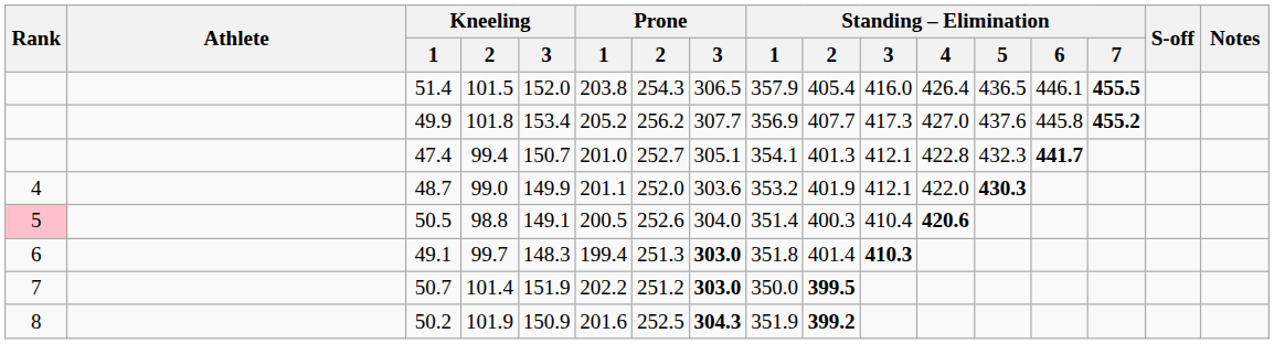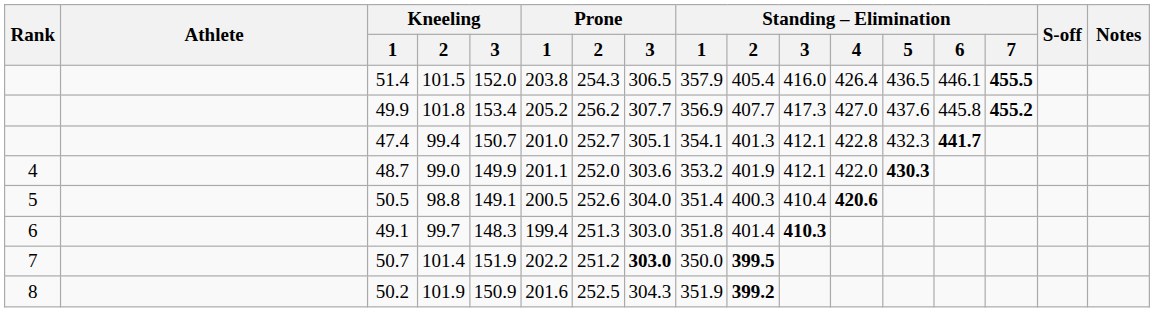 <table class="wikitable" style="text-align:center">
 <tr>
 <th rowspan=2 width=40>Rank</th>
 <th rowspan=2 width=250>Athlete</th>
 <th colspan=3>Kneeling</th>
 <th colspan=3>Prone</th>
 <th colspan=7>Standing – Elimination</th>
 <th rowspan=2 width=35>S-off</th>
 <th rowspan=2 width=45>Notes</th>
 </tr>
 <tr>
 <th width=35>1</th>
 <th width=35>2</th>
 <th width=35>3</th>
 <th width=35>1</th>
 <th width=35>2</th>
 <th width=35>3</th>
 <th width=35>1</th>
 <th width=35>2</th>
 <th width=35>3</th>
 <th width=35>4</th>
 <th width=35>5</th>
 <th width=35>6</th>
 <th width=35>7</th>
 </tr>
 <tr>
 <td></td>
 <td align=left></td>
 <td>51.4</td>
 <td>101.5</td>
 <td>152.0</td>
 <td>203.8</td>
 <td>254.3</td>
 <td>306.5</td>
 <td>357.9</td>
 <td>405.4</td>
 <td>416.0</td>
 <td>426.4</td>
 <td>436.5</td>
 <td>446.1</td>
 <td><strong>455.5</strong></td>
 <td></td>
 <td></td>
 </tr>
 <tr>
 <td></td>
 <td align=left></td>
 <td>49.9</td>
 <td>101.8</td>
 <td>153.4</td>
 <td>205.2</td>
 <td>256.2</td>
 <td>307.7</td>
 <td>356.9</td>
 <td>407.7</td>
 <td>417.3</td>
 <td>427.0</td>
 <td>437.6</td>
 <td>445.8</td>
 <td><strong>455.2</strong></td>
 <td></td>
 <td></td>
 </tr>
 <tr>
 <td></td>
 <td align=left></td>
 <td>47.4</td>
 <td>99.4</td>
 <td>150.7</td>
 <td>201.0</td>
 <td>252.7</td>
 <td>305.1</td>
 <td>354.1</td>
 <td>401.3</td>
 <td>412.1</td>
 <td>422.8</td>
 <td>432.3</td>
 <td><strong>441.7</strong></td>
 <td></td>
 <td></td>
 <td></td>
 </tr>
 <tr>
 <td>4</td>
 <td align=left></td>
 <td>48.7</td>
 <td>99.0</td>
 <td>149.9</td>
 <td>201.1</td>
 <td>252.0</td>
 <td>303.6</td>
 <td>353.2</td>
 <td>401.9</td>
 <td>412.1</td>
 <td>422.0</td>
 <td><strong>430.3</strong></td>
 <td></td>
 <td></td>
 <td></td>
 <td></td>
 </tr>
 <tr>
-<td style="background: pink;">5</td>
+<td>5</td>
 <td align=left></td>
 <td>50.5</td>
 <td>98.8</td>
 <td>149.1</td>
 <td>200.5</td>
 <td>252.6</td>
 <td>304.0</td>
 <td>351.4</td>
 <td>400.3</td>
 <td>410.4</td>
 <td><strong>420.6</strong></td>
 <td></td>
 <td></td>
 <td></td>
 <td></td>
 <td></td>
 </tr>
 <tr>
 <td>6</td>
 <td align=left></td>
 <td>49.1</td>
 <td>99.7</td>
 <td>148.3</td>
 <td>199.4</td>
 <td>251.3</td>
-<td><strong>303.0</strong></td>
+<td>303.0</td>
 <td>351.8</td>
 <td>401.4</td>
 <td><strong>410.3</strong></td>
 <td></td>
 <td></td>
 <td></td>
 <td></td>
 <td></td>
 <td></td>
 </tr>
 <tr>
 <td>7</td>
 <td align=left></td>
 <td>50.7</td>
 <td>101.4</td>
 <td>151.9</td>
 <td>202.2</td>
 <td>251.2</td>
 <td><strong>303.0</strong></td>
 <td>350.0</td>
 <td><strong>399.5</strong></td>
 <td></td>
 <td></td>
 <td></td>
 <td></td>
 <td></td>
 <td></td>
 <td></td>
 </tr>
 <tr>
 <td>8</td>
 <td align=left></td>
 <td>50.2</td>
 <td>101.9</td>
 <td>150.9</td>
 <td>201.6</td>
 <td>252.5</td>
-<td><strong>304.3</strong></td>
+<td>304.3</td>
 <td>351.9</td>
 <td><strong>399.2</strong></td>
 <td></td>
 <td></td>
 <td></td>
 <td></td>
 <td></td>
 <td></td>
 <td></td>
 </tr>
 </table>
